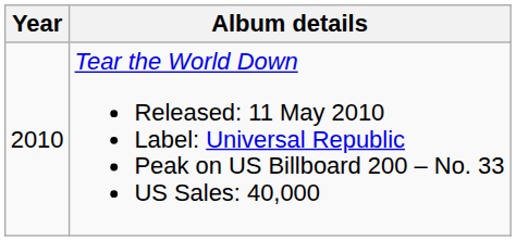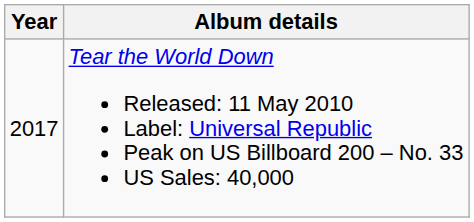 <table class="wikitable" style="text-align:center">
 <tr>
 <th>Year</th>
 <th>Album details</th>
 </tr>
 <tr>
-<td>2010</td>
+<td>2017</td>
 <td style="text-align:left;"><em><a href='#'>Tear the World Down</a></em><br><ul><li>Released: 11 May 2010</li><li>Label: <a href='#'>Universal Republic</a></li><li>Peak on US Billboard 200 – No. 33</li><li>US Sales: 40,000</li></ul></td>
 </tr>
 </table>
